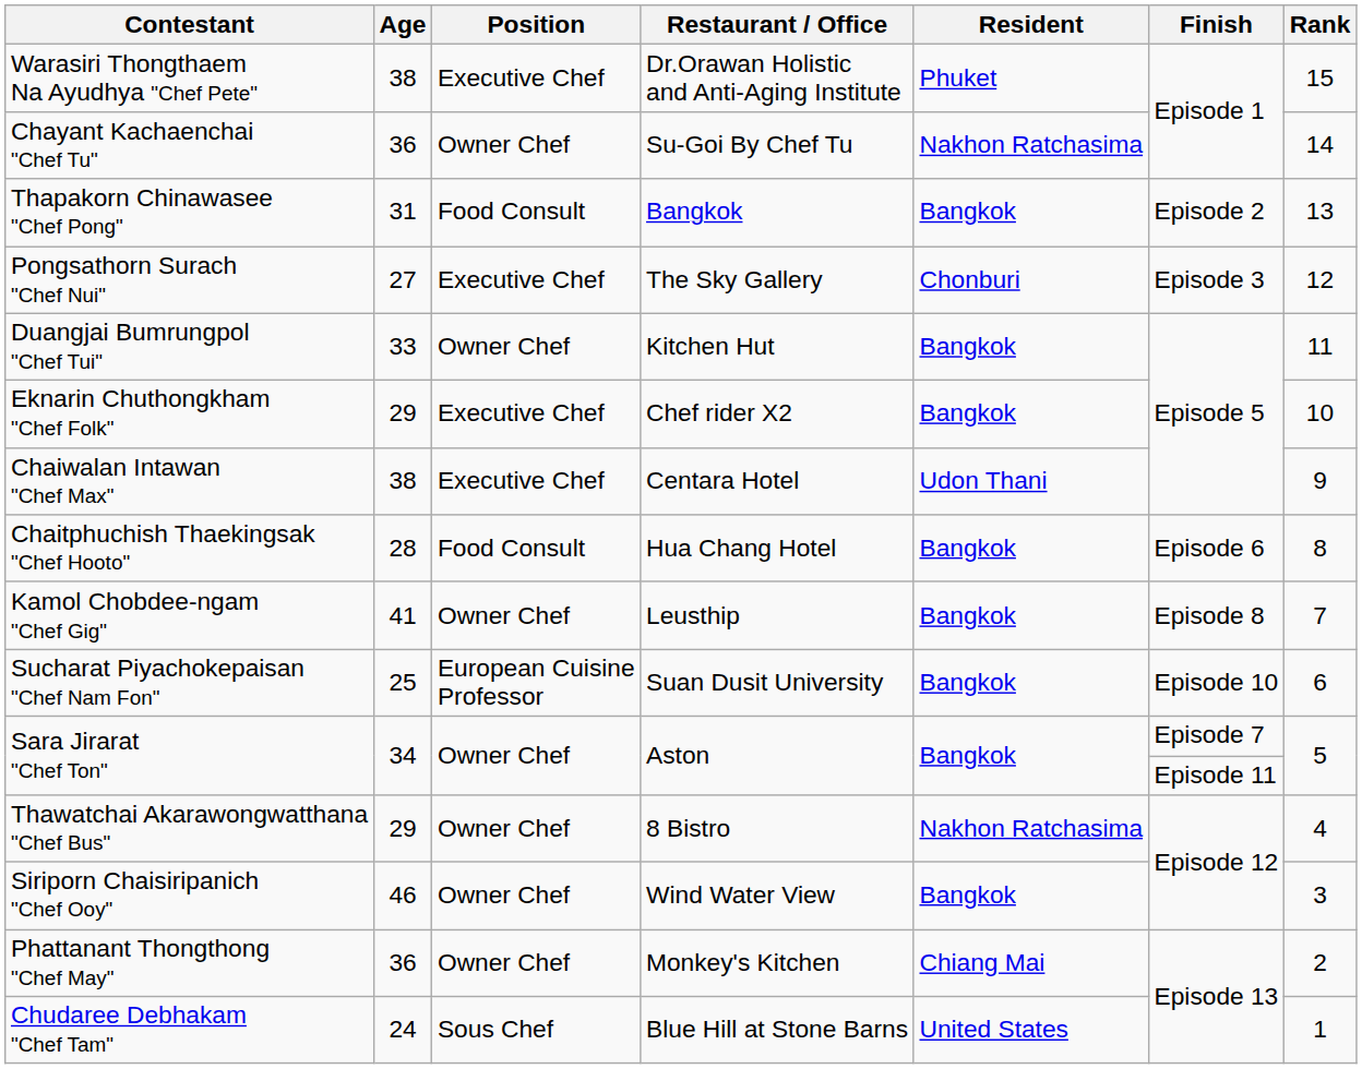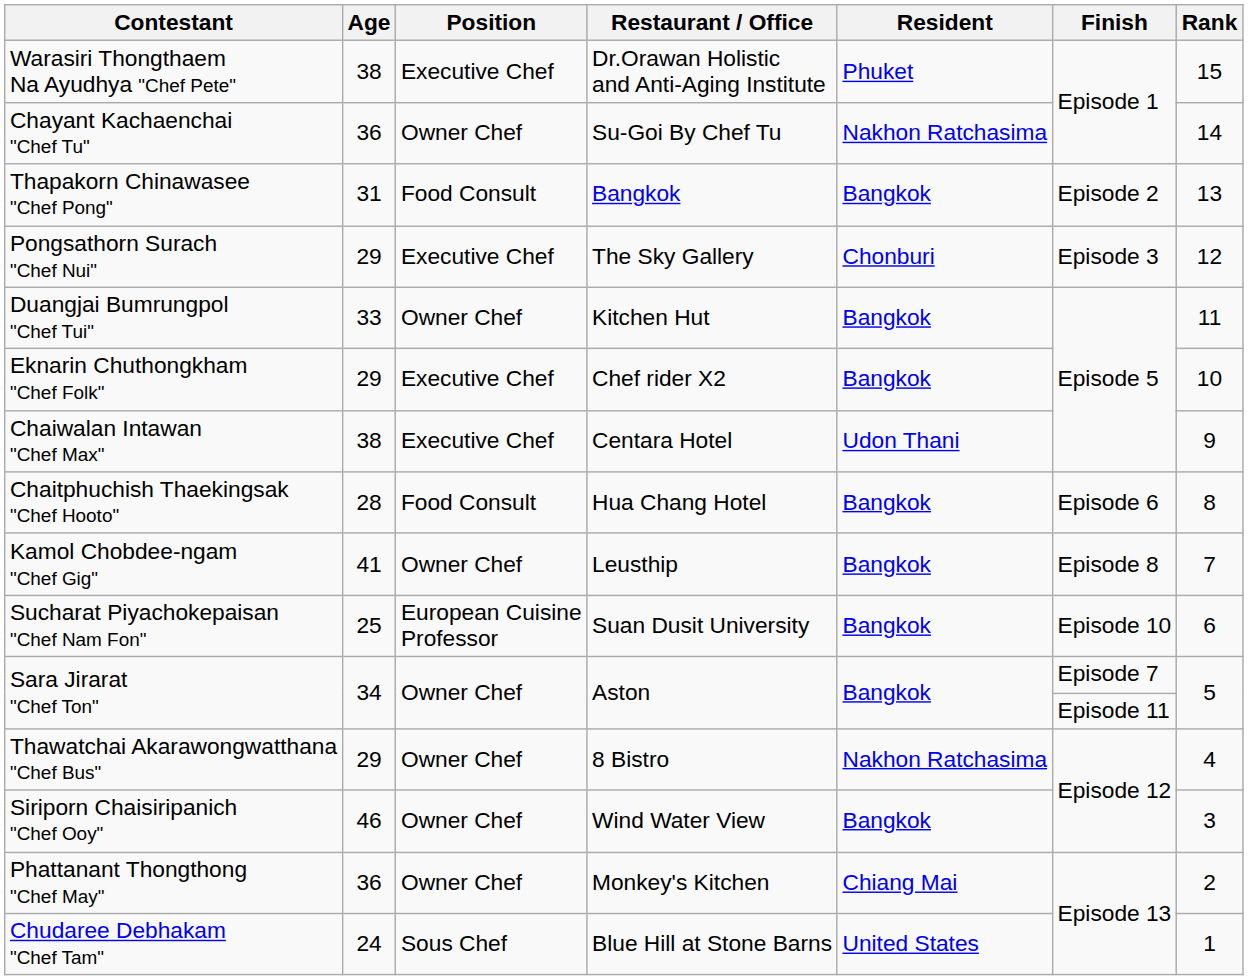 <table class="wikitable sortable" style="text-align:center;">
 <tr>
 <th>Contestant</th>
 <th>Age</th>
 <th>Position</th>
 <th>Restaurant / Office</th>
 <th>Resident</th>
 <th>Finish</th>
 <th>Rank</th>
 </tr>
 <tr>
 <td align=left>Warasiri Thongthaem<br>Na Ayudhya <small>"Chef Pete"</small></td>
 <td>38</td>
 <td align=left>Executive Chef</td>
 <td align=left>Dr.Orawan Holistic<br>and Anti-Aging Institute</td>
 <td align=left><a href='#'>Phuket</a></td>
 <td rowspan=2 align=left>Episode 1</td>
 <td>15</td>
 </tr>
 <tr>
 <td align=left>Chayant Kachaenchai<br><small>"Chef Tu"</small></td>
 <td>36</td>
 <td align=left>Owner Chef</td>
 <td align=left>Su-Goi By Chef Tu</td>
 <td align=left><a href='#'>Nakhon Ratchasima</a></td>
 <td>14</td>
 </tr>
 <tr>
 <td align=left>Thapakorn Chinawasee<br><small>"Chef Pong"</small></td>
 <td>31</td>
 <td align=left>Food Consult</td>
 <td align=left><a href='#'>Bangkok</a></td>
 <td align=left><a href='#'>Bangkok</a></td>
 <td align=left>Episode 2</td>
 <td>13</td>
 </tr>
 <tr>
 <td align=left>Pongsathorn Surach<br><small>"Chef Nui"</small></td>
-<td>27</td>
+<td>29</td>
 <td align=left>Executive Chef</td>
 <td align=left>The Sky Gallery</td>
 <td align=left><a href='#'>Chonburi</a></td>
 <td align=left>Episode 3</td>
 <td>12</td>
 </tr>
 <tr>
 <td align=left>Duangjai Bumrungpol<br><small>"Chef Tui"</small></td>
 <td>33</td>
 <td align=left>Owner Chef</td>
 <td align=left>Kitchen Hut</td>
 <td align=left><a href='#'>Bangkok</a></td>
 <td rowspan=3 align=left>Episode 5</td>
 <td>11</td>
 </tr>
 <tr>
 <td align=left>Eknarin Chuthongkham<br><small>"Chef Folk"</small></td>
 <td>29</td>
 <td align=left>Executive Chef</td>
 <td align=left>Chef rider X2</td>
 <td align=left><a href='#'>Bangkok</a></td>
 <td>10</td>
 </tr>
 <tr>
 <td align=left>Chaiwalan Intawan<br><small>"Chef Max"</small></td>
 <td>38</td>
 <td align=left>Executive Chef</td>
 <td align=left>Centara Hotel</td>
 <td align=left><a href='#'>Udon Thani</a></td>
 <td>9</td>
 </tr>
 <tr>
 <td align=left>Chaitphuchish Thaekingsak<br><small>"Chef Hooto"</small></td>
 <td>28</td>
 <td align=left>Food Consult</td>
 <td align=left>Hua Chang Hotel</td>
 <td align=left><a href='#'>Bangkok</a></td>
 <td align=left>Episode 6</td>
 <td>8</td>
 </tr>
 <tr>
 <td align=left>Kamol Chobdee-ngam<br><small>"Chef Gig"</small></td>
 <td>41</td>
 <td align=left>Owner Chef</td>
 <td align=left>Leusthip</td>
 <td align=left><a href='#'>Bangkok</a></td>
 <td align=left>Episode 8</td>
 <td>7</td>
 </tr>
 <tr>
 <td align=left>Sucharat Piyachokepaisan<br><small>"Chef Nam Fon"</small></td>
 <td>25</td>
 <td align=left>European Cuisine<br>Professor</td>
 <td align=left>Suan Dusit University</td>
 <td align=left><a href='#'>Bangkok</a></td>
 <td align=left>Episode 10</td>
 <td>6</td>
 </tr>
 <tr>
 <td rowspan=2 align=left>Sara Jirarat<br><small>"Chef Ton"</small></td>
 <td rowspan=2>34</td>
 <td rowspan=2 align=left>Owner Chef</td>
 <td rowspan=2 align=left>Aston</td>
 <td rowspan=2 align=left><a href='#'>Bangkok</a></td>
 <td align=left>Episode 7</td>
 <td rowspan=2>5</td>
 </tr>
 <tr>
 <td align=left>Episode 11</td>
 </tr>
 <tr>
 <td align=left>Thawatchai Akarawongwatthana<br><small>"Chef Bus"</small></td>
 <td>29</td>
 <td align=left>Owner Chef</td>
 <td align=left>8 Bistro</td>
 <td align=left><a href='#'>Nakhon Ratchasima</a></td>
 <td rowspan=2 align=left>Episode 12</td>
 <td>4</td>
 </tr>
 <tr>
 <td align=left>Siriporn Chaisiripanich<br><small>"Chef Ooy"</small></td>
 <td>46</td>
 <td align=left>Owner Chef</td>
 <td align=left>Wind Water View</td>
 <td align=left><a href='#'>Bangkok</a></td>
 <td>3</td>
 </tr>
 <tr>
 <td align=left>Phattanant Thongthong<br><small>"Chef May"</small></td>
 <td>36</td>
 <td align=left>Owner Chef</td>
 <td align=left>Monkey's Kitchen</td>
 <td align=left><a href='#'>Chiang Mai</a></td>
 <td rowspan=2 align=left>Episode 13</td>
 <td>2</td>
 </tr>
 <tr>
 <td align=left><a href='#'>Chudaree Debhakam</a><br><small>"Chef Tam"</small></td>
 <td>24</td>
 <td align=left>Sous Chef</td>
 <td align=left>Blue Hill at Stone Barns</td>
 <td align=left><a href='#'>United States</a></td>
 <td>1</td>
 </tr>
 </table>
